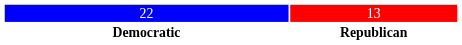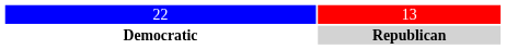 <table style="width:60%; text-align:center;">
 <tr style="color:white;">
 <td style="background:blue; width:62.86%;">22</td>
 <td style="background:red; width:37.14%;">13</td>
 </tr>
 <tr>
 <td><span><strong>Democratic</strong></span></td>
-<td><span><strong>Republican</strong></span></td>
+<td style="background: lightgrey;"><span><strong>Republican</strong></span></td>
 </tr>
 </table>
